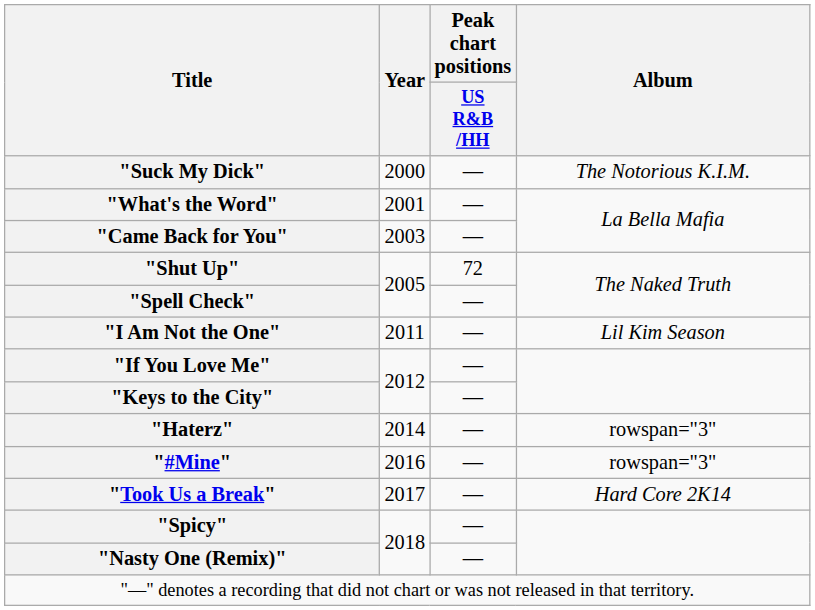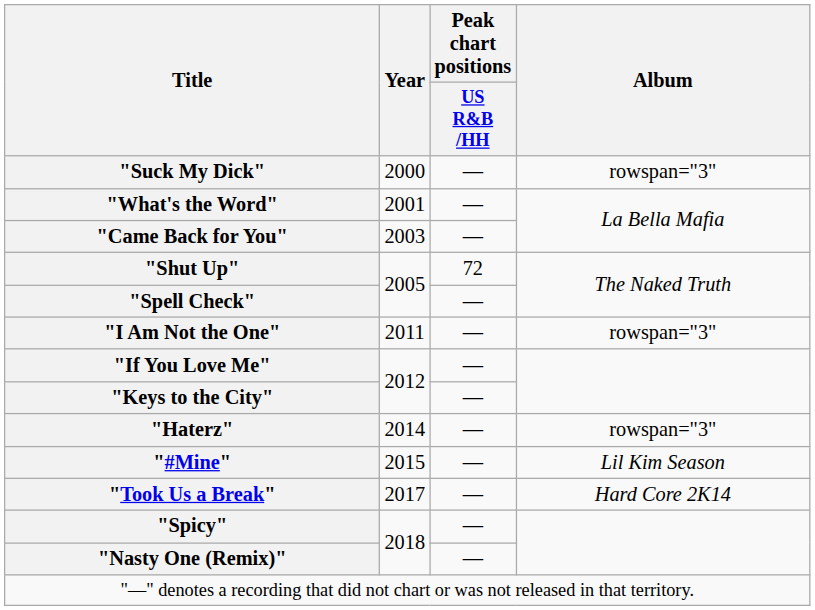 <table class="wikitable plainrowheaders" style="text-align:center;">
 <tr>
 <th scope="col" rowspan="2" style="width:18em;">Title</th>
 <th scope="col" rowspan="2" style="width:2em;">Year</th>
 <th scope="col">Peak chart<br>positions</th>
 <th scope="col" rowspan="2" style="width:14em;">Album</th>
 </tr>
 <tr>
 <th scope="col" style="width:2.5em;font-size:90%;"><a href='#'>US<br>R&B<br>/HH</a><br></th>
 </tr>
 <tr>
 <th scope="row">"Suck My Dick"</th>
 <td>2000</td>
 <td>—</td>
-<td><em>The Notorious K.I.M.</em></td>
+<td>rowspan="3" </td>
 </tr>
 <tr>
 <th scope="row">"What's the Word"</th>
 <td>2001</td>
 <td>—</td>
 <td rowspan="2"><em>La Bella Mafia</em></td>
 </tr>
 <tr>
 <th scope="row">"Came Back for You"</th>
 <td>2003</td>
 <td>—</td>
 </tr>
 <tr>
 <th scope="row">"Shut Up"</th>
 <td rowspan="2">2005</td>
 <td>72</td>
 <td rowspan="2"><em>The Naked Truth</em></td>
 </tr>
 <tr>
 <th scope="row">"Spell Check"</th>
 <td>—</td>
 </tr>
 <tr>
 <th scope="row">"I Am Not the One"</th>
 <td>2011</td>
 <td>—</td>
-<td><em>Lil Kim Season</em></td>
+<td>rowspan="3" </td>
 </tr>
 <tr>
 <th scope="row">"If You Love Me"</th>
 <td style="text-align:center;" rowspan="2">2012</td>
 <td>—</td>
 </tr>
 <tr>
 <th scope="row">"Keys to the City"</th>
 <td>—</td>
 </tr>
 <tr>
 <th scope= "row">"Haterz" <br></th>
 <td>2014</td>
 <td>—</td>
 <td>rowspan="3" </td>
 </tr>
 <tr>
 <th scope="row">"<a href='#'>#Mine</a>"<br></th>
-<td>2016</td>
+<td>2015</td>
 <td>—</td>
-<td>rowspan="3" </td>
+<td><em>Lil Kim Season</em></td>
 </tr>
 <tr>
 <th scope="row">"<a href='#'>Took Us a Break</a>"</th>
 <td>2017</td>
 <td>—</td>
 <td><em>Hard Core 2K14</em></td>
 </tr>
 <tr>
 <th scope="row">"Spicy"</th>
 <td rowspan="2">2018</td>
 <td>—</td>
 </tr>
 <tr>
 <th scope = "row">"Nasty One (Remix)" <br> </th>
 <td>—</td>
 </tr>
 <tr>
 <td colspan="4" style="font-size:90%">"—" denotes a recording that did not chart or was not released in that territory.</td>
 </tr>
 </table>
